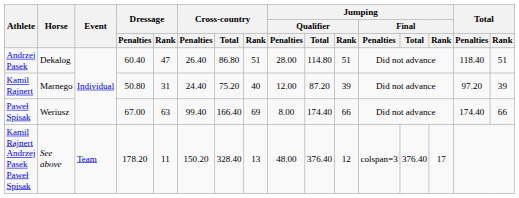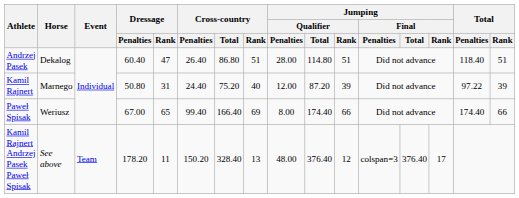 <table class=wikitable style="font-size:90%">
 <tr>
 <th rowspan="3">Athlete</th>
 <th rowspan="3">Horse</th>
 <th rowspan="3">Event</th>
 <th colspan="2" rowspan="2">Dressage</th>
 <th colspan="3" rowspan="2">Cross-country</th>
 <th colspan="6">Jumping</th>
 <th colspan="2" rowspan="2">Total</th>
 </tr>
 <tr style="font-size:95%">
 <th colspan="3">Qualifier</th>
 <th colspan="3">Final</th>
 </tr>
 <tr style="font-size:95%">
 <th>Penalties</th>
 <th>Rank</th>
 <th>Penalties</th>
 <th>Total</th>
 <th>Rank</th>
 <th>Penalties</th>
 <th>Total</th>
 <th>Rank</th>
 <th>Penalties</th>
 <th>Total</th>
 <th>Rank</th>
 <th>Penalties</th>
 <th>Rank</th>
 </tr>
 <tr align=center>
 <td align=left><a href='#'>Andrzej Pasek</a></td>
 <td align=left>Dekalog</td>
 <td align=left rowspan=3><a href='#'>Individual</a></td>
 <td>60.40</td>
 <td>47</td>
 <td>26.40</td>
 <td>86.80</td>
 <td>51</td>
 <td>28.00</td>
 <td>114.80</td>
 <td>51</td>
 <td colspan=3>Did not advance</td>
 <td>118.40</td>
 <td>51</td>
 </tr>
 <tr align=center>
 <td align=left><a href='#'>Kamil Rajnert</a></td>
 <td align=left>Marnego</td>
 <td>50.80</td>
 <td>31</td>
 <td>24.40</td>
 <td>75.20</td>
 <td>40</td>
 <td>12.00</td>
 <td>87.20</td>
 <td>39</td>
 <td colspan=3>Did not advance</td>
-<td>97.20</td>
+<td>97.22</td>
 <td>39</td>
 </tr>
 <tr align=center>
 <td align=left><a href='#'>Paweł Spisak</a></td>
 <td align=left>Weriusz</td>
 <td>67.00</td>
-<td>63</td>
+<td>65</td>
 <td>99.40</td>
 <td>166.40</td>
 <td>69</td>
 <td>8.00</td>
 <td>174.40</td>
 <td>66</td>
 <td colspan=3>Did not advance</td>
 <td>174.40</td>
 <td>66</td>
 </tr>
 <tr align=center>
 <td align=left><a href='#'>Kamil Rajnert</a><br><a href='#'>Andrzej Pasek</a><br><a href='#'>Paweł Spisak</a></td>
 <td align=left><em>See above</em></td>
 <td align=left><a href='#'>Team</a></td>
 <td>178.20</td>
 <td>11</td>
 <td>150.20</td>
 <td>328.40</td>
 <td>13</td>
 <td>48.00</td>
 <td>376.40</td>
 <td>12</td>
 <td>colspan=3 </td>
 <td>376.40</td>
 <td>17</td>
 </tr>
 </table>
